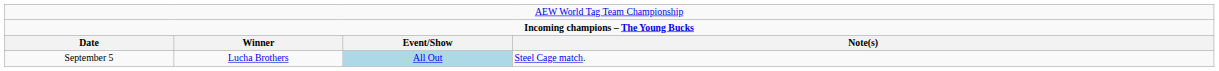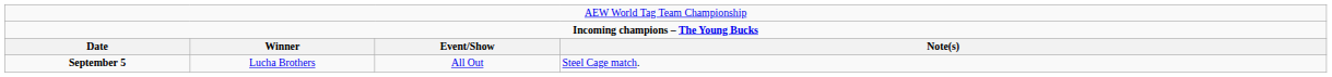 <table class="wikitable" style="text-align:center; width:100%;">
 <tr>
 <td colspan="4" style="text-align: center;"><a href='#'>AEW World Tag Team Championship</a></td>
 </tr>
 <tr>
 <td colspan="4" style="text-align: center;"><strong>Incoming champions – <a href='#'>The Young Bucks</a> </strong></td>
 </tr>
 <tr>
 <th width=14%>Date</th>
 <th width=14%>Winner</th>
 <th width=14%>Event/Show</th>
 <th width=58%>Note(s)</th>
 </tr>
 <tr>
-<td>September 5</td>
+<td><strong>September 5</strong></td>
 <td><a href='#'>Lucha Brothers</a><br></td>
-<td style="background: lightblue;"><a href='#'>All Out</a></td>
+<td><a href='#'>All Out</a></td>
 <td align=left><a href='#'>Steel Cage match</a>.</td>
 </tr>
 </table>
